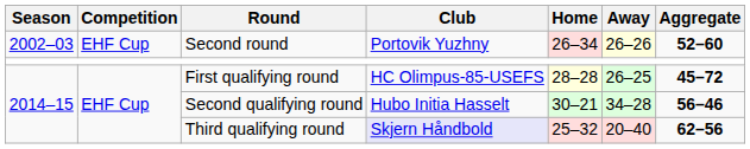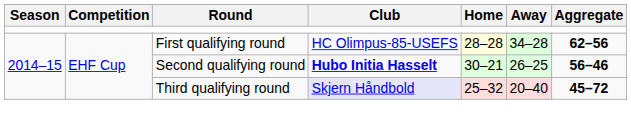 <table class="wikitable" style="text-align: left">
 <tr>
 <th>Season</th>
 <th>Competition</th>
 <th>Round</th>
 <th>Club</th>
 <th>Home</th>
 <th>Away</th>
 <th>Aggregate</th>
 </tr>
 <tr>
-<td rowspan=1><a href='#'>2002–03</a></td>
-<td rowspan=1><a href='#'>EHF Cup</a></td>
-<td>Second round</td>
-<td> <a href='#'>Portovik Yuzhny</a></td>
-<td style="text-align:center; background:#fdd;">26–34</td>
-<td style="text-align:center; background:#ffd;">26–26</td>
-<td style="text-align:center;"><strong>52–60</strong></td>
-</tr>
-<tr>
 <td colspan=7 style="text-align: center;" bgcolor=white></td>
 </tr>
 <tr>
 <td rowspan=3><a href='#'>2014–15</a></td>
 <td rowspan=3><a href='#'>EHF Cup</a></td>
 <td>First qualifying round</td>
 <td> <a href='#'>HC Olimpus-85-USEFS</a></td>
 <td style="text-align:center; background:#ffd;">28–28</td>
-<td style="text-align:center; background:#dfd;">26–25</td>
-<td style="text-align:center;"><strong>45–72</strong></td>
+<td style="text-align:center; background:#dfd;">34–28</td>
+<td style="text-align:center;"><strong>62–56</strong></td>
 </tr>
 <tr>
 <td>Second qualifying round</td>
-<td> <a href='#'>Hubo Initia Hasselt</a></td>
+<td><strong> <a href='#'>Hubo Initia Hasselt</a></strong></td>
 <td style="text-align:center; background:#dfd;">30–21</td>
-<td style="text-align:center; background:#dfd;">34–28</td>
+<td style="text-align:center; background:#dfd;">26–25</td>
 <td style="text-align:center;"><strong>56–46</strong></td>
 </tr>
 <tr>
 <td>Third qualifying round</td>
 <td style="background: lavender;"> <a href='#'>Skjern Håndbold</a></td>
 <td style="text-align:center; background:#fdd;">25–32</td>
 <td style="text-align:center; background:#fdd;">20–40</td>
-<td style="text-align:center;"><strong>62–56</strong></td>
+<td style="text-align:center;"><strong>45–72</strong></td>
 </tr>
 </table>
